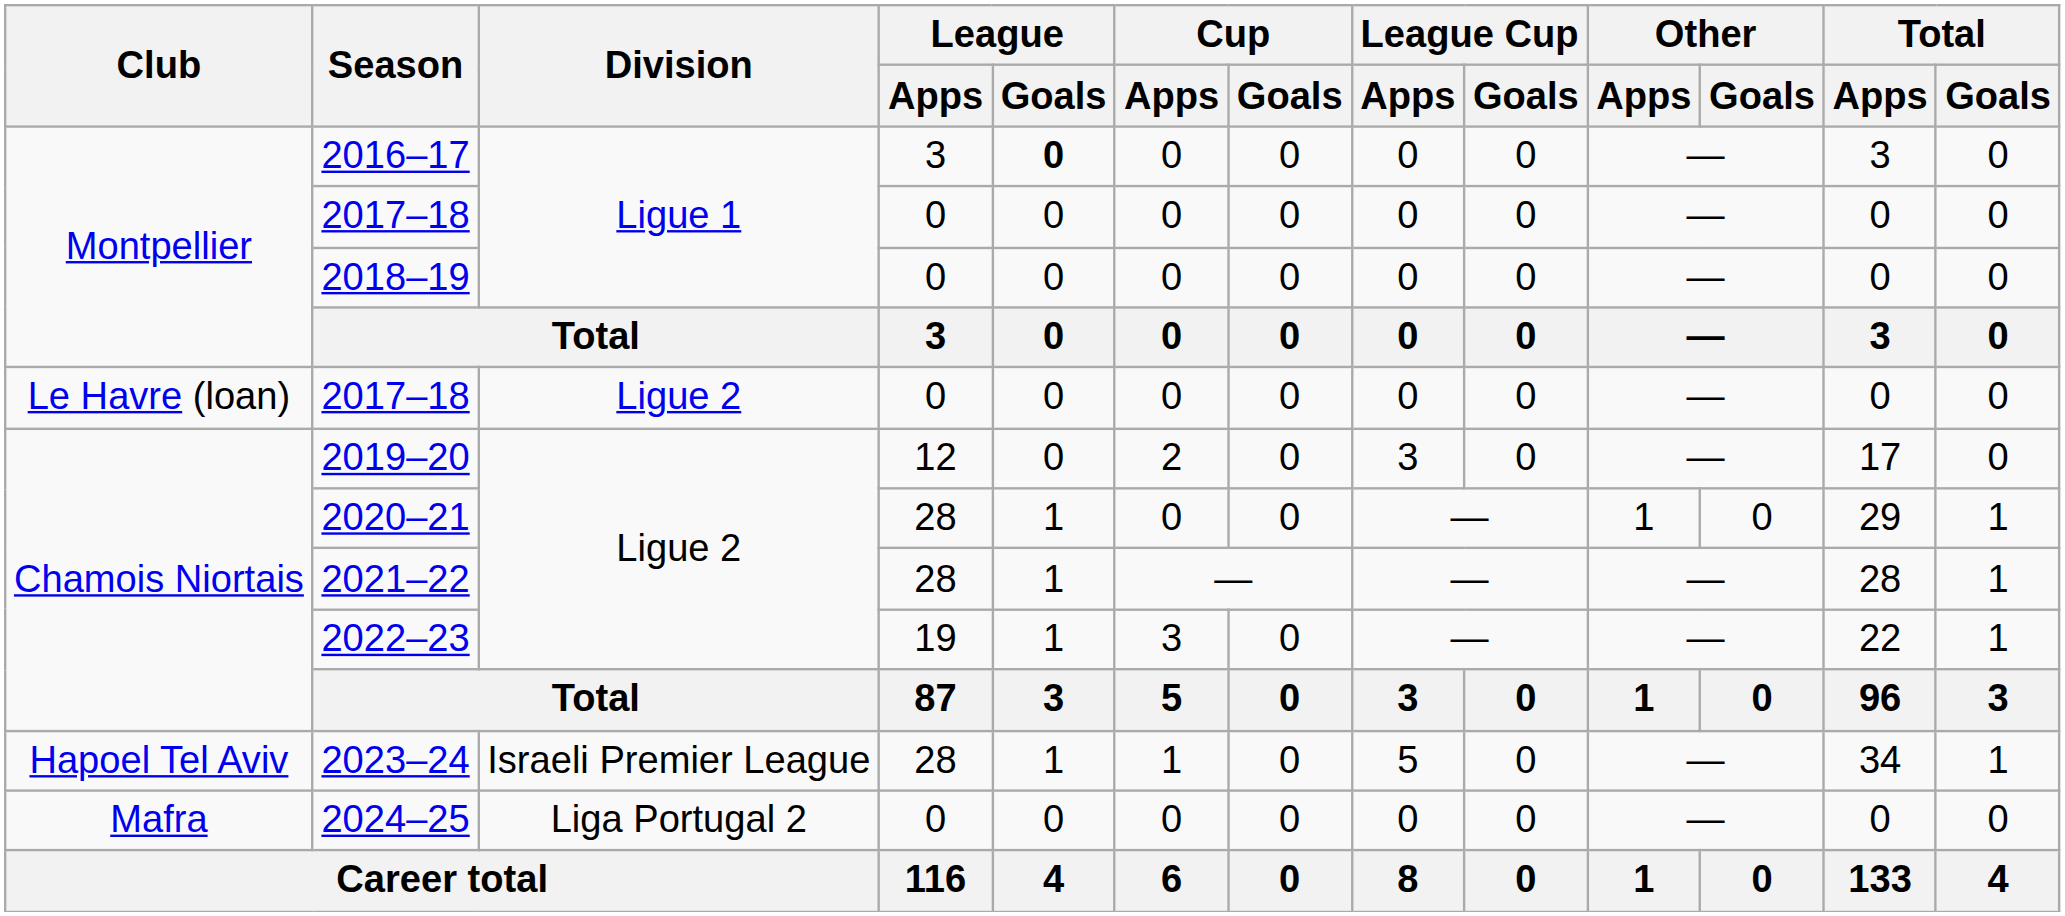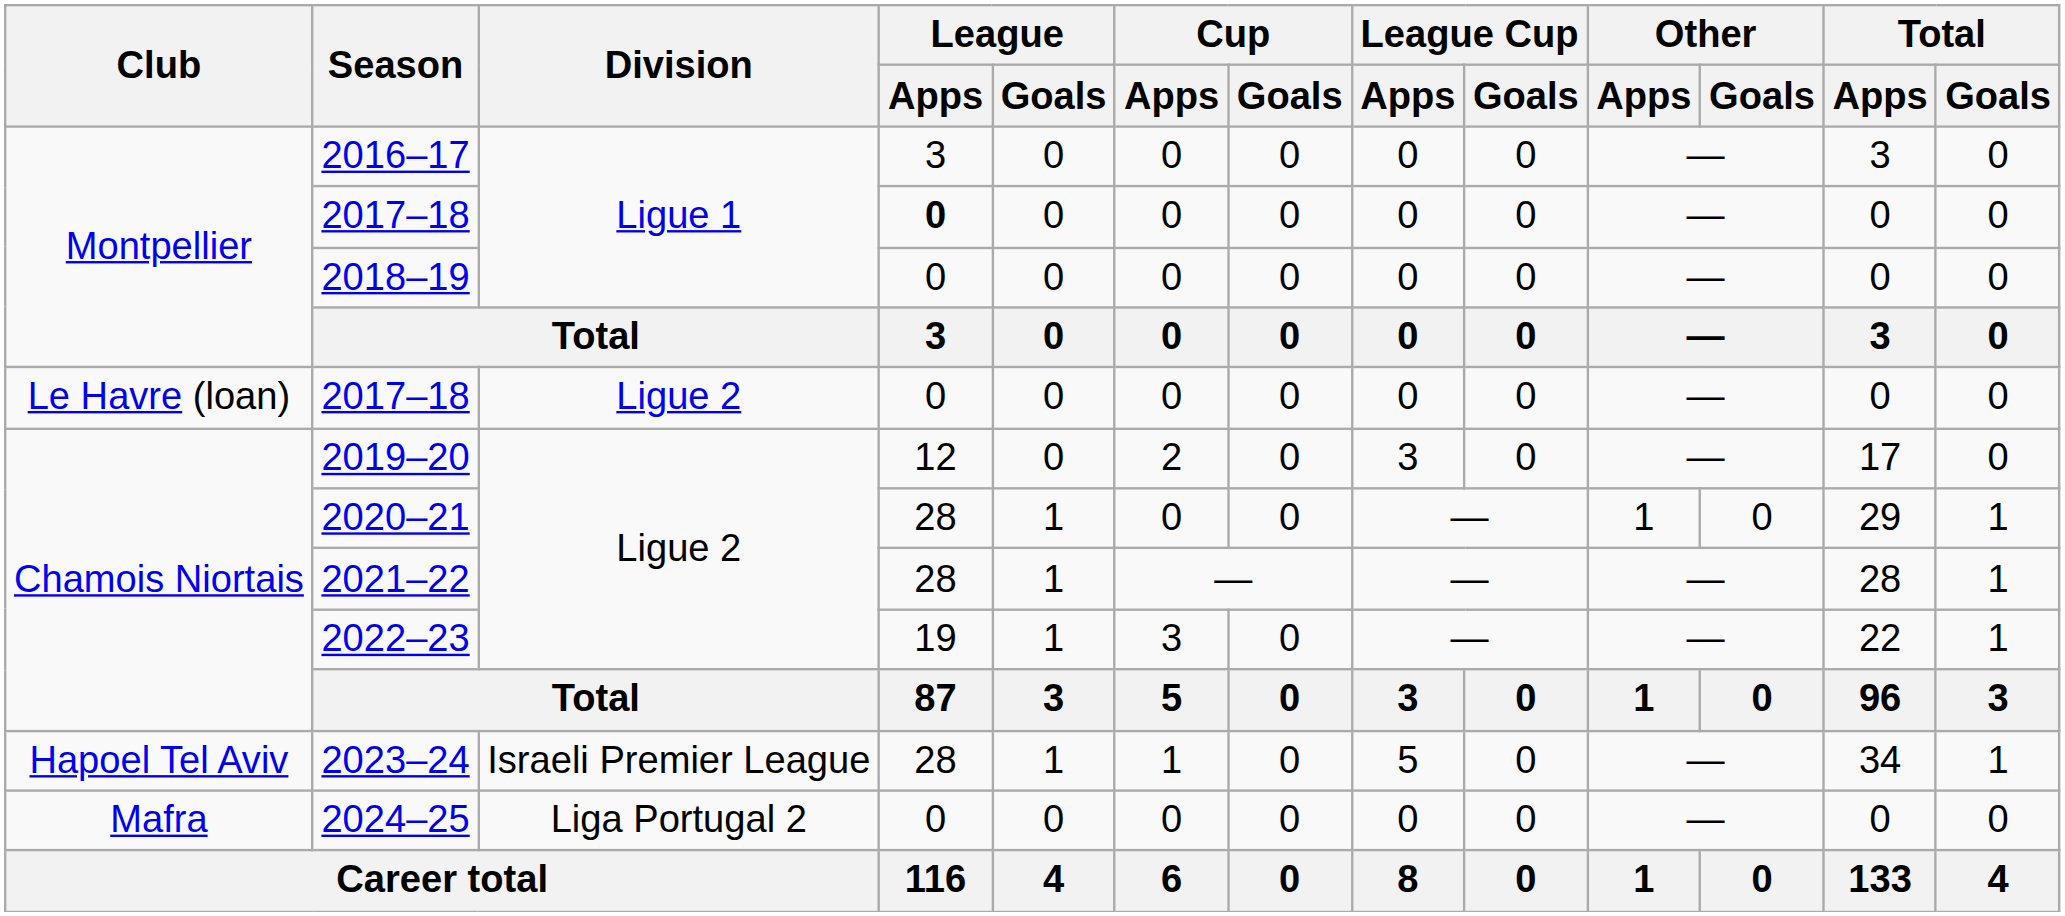 <table class="wikitable" style="text-align: center">
 <tr>
 <th rowspan="2">Club</th>
 <th rowspan="2">Season</th>
 <th rowspan="2">Division</th>
 <th colspan="2">League</th>
 <th colspan="2">Cup</th>
 <th colspan="2">League Cup</th>
 <th colspan="2">Other</th>
 <th colspan="2">Total</th>
 </tr>
 <tr>
 <th>Apps</th>
 <th>Goals</th>
 <th>Apps</th>
 <th>Goals</th>
 <th>Apps</th>
 <th>Goals</th>
 <th>Apps</th>
 <th>Goals</th>
 <th>Apps</th>
 <th>Goals</th>
 </tr>
 <tr>
 <td rowspan="4"><a href='#'>Montpellier</a></td>
 <td><a href='#'>2016–17</a></td>
 <td rowspan="3"><a href='#'>Ligue 1</a></td>
 <td>3</td>
-<td><strong>0</strong></td>
+<td>0</td>
 <td>0</td>
 <td>0</td>
 <td>0</td>
 <td>0</td>
 <td colspan="2">—</td>
 <td>3</td>
 <td>0</td>
 </tr>
 <tr>
 <td><a href='#'>2017–18</a></td>
-<td>0</td>
+<td><strong>0</strong></td>
 <td>0</td>
 <td>0</td>
 <td>0</td>
 <td>0</td>
 <td>0</td>
 <td colspan="2">—</td>
 <td>0</td>
 <td>0</td>
 </tr>
 <tr>
 <td><a href='#'>2018–19</a></td>
 <td>0</td>
 <td>0</td>
 <td>0</td>
 <td>0</td>
 <td>0</td>
 <td>0</td>
 <td colspan="2">—</td>
 <td>0</td>
 <td>0</td>
 </tr>
 <tr>
 <th colspan="2">Total</th>
 <th>3</th>
 <th>0</th>
 <th>0</th>
 <th>0</th>
 <th>0</th>
 <th>0</th>
 <th colspan="2">—</th>
 <th>3</th>
 <th>0</th>
 </tr>
 <tr>
 <td><a href='#'>Le Havre</a> (loan)</td>
 <td><a href='#'>2017–18</a></td>
 <td><a href='#'>Ligue 2</a></td>
 <td>0</td>
 <td>0</td>
 <td>0</td>
 <td>0</td>
 <td>0</td>
 <td>0</td>
 <td colspan="2">—</td>
 <td>0</td>
 <td>0</td>
 </tr>
 <tr>
 <td rowspan="5"><a href='#'>Chamois Niortais</a></td>
 <td><a href='#'>2019–20</a></td>
 <td rowspan="4">Ligue 2</td>
 <td>12</td>
 <td>0</td>
 <td>2</td>
 <td>0</td>
 <td>3</td>
 <td>0</td>
 <td colspan="2">—</td>
 <td>17</td>
 <td>0</td>
 </tr>
 <tr>
 <td><a href='#'>2020–21</a></td>
 <td>28</td>
 <td>1</td>
 <td>0</td>
 <td>0</td>
 <td colspan="2">—</td>
 <td>1</td>
 <td>0</td>
 <td>29</td>
 <td>1</td>
 </tr>
 <tr>
 <td><a href='#'>2021–22</a></td>
 <td>28</td>
 <td>1</td>
 <td colspan="2">—</td>
 <td colspan="2">—</td>
 <td colspan="2">—</td>
 <td>28</td>
 <td>1</td>
 </tr>
 <tr>
 <td><a href='#'>2022–23</a></td>
 <td>19</td>
 <td>1</td>
 <td>3</td>
 <td>0</td>
 <td colspan="2">—</td>
 <td colspan="2">—</td>
 <td>22</td>
 <td>1</td>
 </tr>
 <tr>
 <th colspan="2">Total</th>
 <th>87</th>
 <th>3</th>
 <th>5</th>
 <th>0</th>
 <th>3</th>
 <th>0</th>
 <th>1</th>
 <th>0</th>
 <th>96</th>
 <th>3</th>
 </tr>
 <tr>
 <td><a href='#'>Hapoel Tel Aviv</a></td>
 <td><a href='#'>2023–24</a></td>
 <td>Israeli Premier League</td>
 <td>28</td>
 <td>1</td>
 <td>1</td>
 <td>0</td>
 <td>5</td>
 <td>0</td>
 <td colspan="2">—</td>
 <td>34</td>
 <td>1</td>
 </tr>
 <tr>
 <td><a href='#'>Mafra</a></td>
 <td><a href='#'>2024–25</a></td>
 <td>Liga Portugal 2</td>
 <td>0</td>
 <td>0</td>
 <td>0</td>
 <td>0</td>
 <td>0</td>
 <td>0</td>
 <td colspan="2">—</td>
 <td>0</td>
 <td>0</td>
 </tr>
 <tr>
 <th colspan="3">Career total</th>
 <th>116</th>
 <th>4</th>
 <th>6</th>
 <th>0</th>
 <th>8</th>
 <th>0</th>
 <th>1</th>
 <th>0</th>
 <th>133</th>
 <th>4</th>
 </tr>
 </table>
